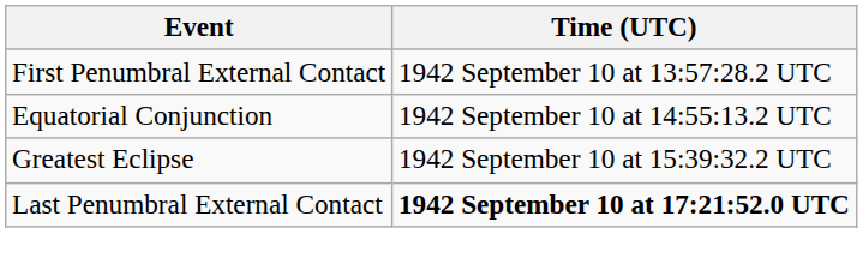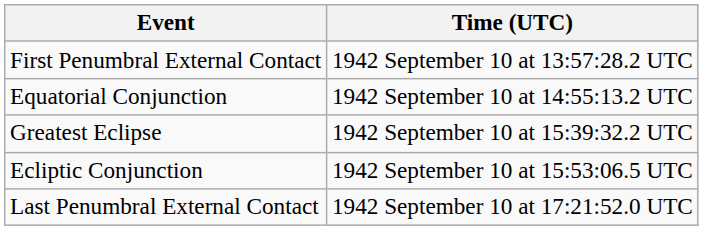 <table class="wikitable">
 <tr>
 <th>Event</th>
 <th>Time (UTC)</th>
 </tr>
 <tr>
 <td>First Penumbral External Contact</td>
 <td>1942 September 10 at 13:57:28.2 UTC</td>
 </tr>
 <tr>
 <td>Equatorial Conjunction</td>
 <td>1942 September 10 at 14:55:13.2 UTC</td>
 </tr>
 <tr>
 <td>Greatest Eclipse</td>
 <td>1942 September 10 at 15:39:32.2 UTC</td>
 </tr>
 <tr>
+<td>Ecliptic Conjunction</td>
+<td>1942 September 10 at 15:53:06.5 UTC</td>
+</tr>
+<tr>
 <td>Last Penumbral External Contact</td>
-<td><strong>1942 September 10 at 17:21:52.0 UTC</strong></td>
+<td>1942 September 10 at 17:21:52.0 UTC</td>
 </tr>
 </table>
